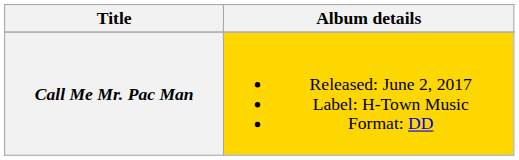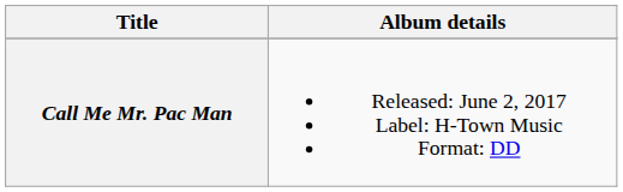 <table class="wikitable plainrowheaders" style="text-align:center;" border="1">
 <tr>
 <th scope="col" rowspan="1" style="width:12em;">Title</th>
 <th scope="col" rowspan="1" style="width:16em;">Album details</th>
 </tr>
 <tr>
 </tr>
 <tr>
 <th scope="row"><em>Call Me Mr. Pac Man</em></th>
-<td style="background: gold;"><br><ul><li>Released: June 2, 2017</li><li>Label: H-Town Music</li><li>Format: <a href='#'>DD</a></li></ul></td>
+<td><br><ul><li>Released: June 2, 2017</li><li>Label: H-Town Music</li><li>Format: <a href='#'>DD</a></li></ul></td>
 </tr>
 </table>
